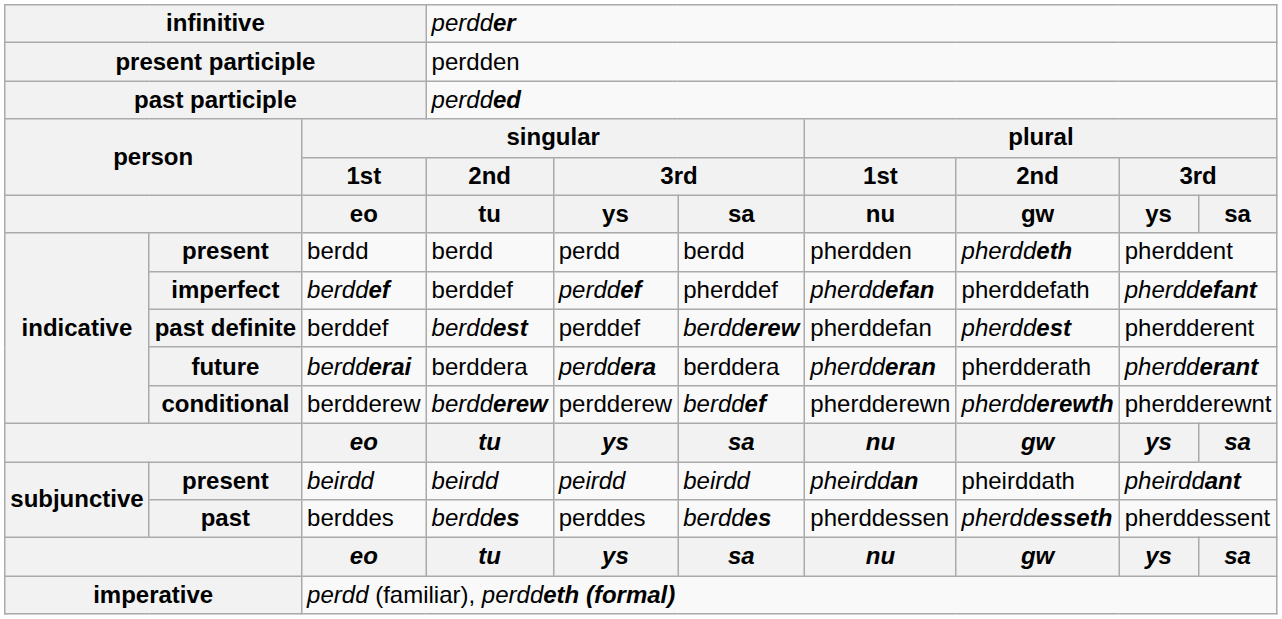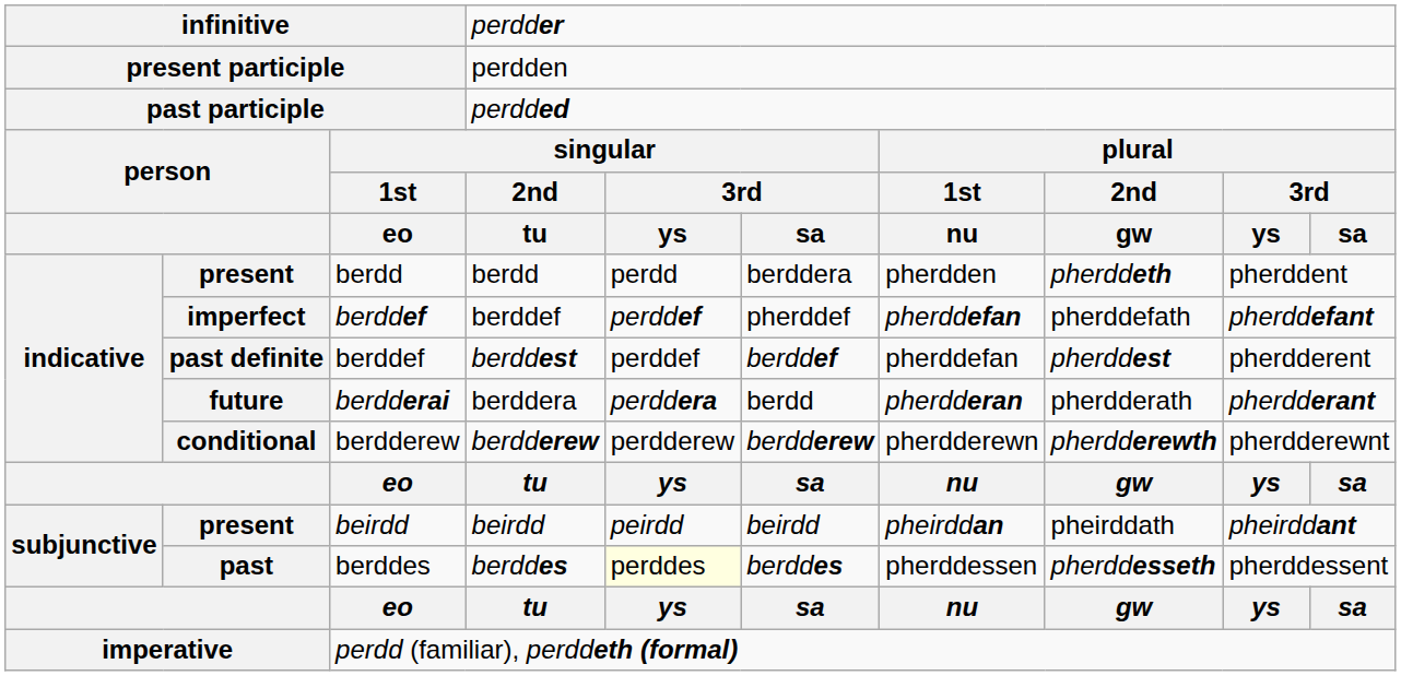 <table class="wikitable">
 <tr>
 <th colspan="3">infinitive</th>
 <td colspan="7"><em>perdd<strong>er<strong><em></td>
 </tr>
 <tr>
 <th colspan="3">present participle</th>
 <td colspan="7"></em>perdd</strong>en</em></strong></td>
 </tr>
 <tr>
 <th colspan="3">past participle</th>
 <td colspan="7"><em>perdd<strong>ed<strong><em></td>
 </tr>
 <tr>
 <th colspan="2" rowspan="2">person</th>
 <th colspan="4">singular</th>
 <th colspan="4">plural</th>
 </tr>
 <tr>
 <th>1st</th>
 <th>2nd</th>
 <th colspan="2">3rd</th>
 <th>1st</th>
 <th>2nd</th>
 <th colspan="2">3rd</th>
 </tr>
 <tr>
 <th colspan="2"></th>
 <th></em>eo<em></th>
 <th></em>tu<em></th>
 <th></em>ys<em></th>
 <th></em>sa<em></th>
 <th></em>nu<em></th>
 <th></em>gw<em></th>
 <th></em>ys<em></th>
 <th></em>sa<em></th>
 </tr>
 <tr>
 <th rowspan="5">indicative</th>
 <th>present</th>
 <td></em>berdd<em></td>
 <td></em>berdd<em></td>
 <td></em>perdd<em></td>
-<td></em>berdd<em></td>
+<td></em>berdd</strong>era</em></strong></td>
 <td></em>pherdd</strong>en</em></strong></td>
 <td><em>pherdd<strong>eth<strong><em></td>
 <td colspan="2"></em>pherdd</strong>ent</em></strong></td>
 </tr>
 <tr>
 <th>imperfect</th>
 <td><em>berdd<strong>ef<strong><em></td>
 <td></em>berdd</strong>ef</em></strong></td>
 <td><em>perdd<strong>ef<strong><em></td>
 <td></em>pherdd</strong>ef</em></strong></td>
 <td><em>pherdd<strong>efan<strong><em></td>
 <td></em>pherdd</strong>efath</em></strong></td>
 <td colspan="2"><em>pherdd<strong>efant<strong><em></td>
 </tr>
 <tr>
 <th>past definite</th>
 <td></em>berdd</strong>ef</em></strong></td>
 <td><em>berdd<strong>est<strong><em></td>
 <td></em>perdd</strong>ef</em></strong></td>
-<td><em>berdd<strong>erew<strong><em></td>
+<td><em>berdd<strong>ef<strong><em></td>
 <td></em>pherdd</strong>efan</em></strong></td>
 <td><em>pherdd<strong>est<strong><em></td>
 <td colspan="2"></em>pherdd</strong>erent</em></strong></td>
 </tr>
 <tr>
 <th>future</th>
 <td><em>berdd<strong>erai<strong><em></td>
 <td></em>berdd</strong>era</em></strong></td>
 <td><em>perdd<strong>era<strong><em></td>
-<td></em>berdd</strong>era</em></strong></td>
+<td></em>berdd<em></td>
 <td><em>pherdd<strong>eran<strong><em></td>
 <td></em>pherdd</strong>erath</em></strong></td>
 <td colspan="2"><em>pherdd<strong>erant<strong><em></td>
 </tr>
 <tr>
 <th>conditional</th>
 <td></em>berdd</strong>erew</em></strong></td>
 <td><em>berdd<strong>erew<strong><em></td>
 <td></em>perdd</strong>erew</em></strong></td>
-<td><em>berdd<strong>ef<strong><em></td>
+<td><em>berdd<strong>erew<strong><em></td>
 <td></em>pherdd</strong>erewn</em></strong></td>
 <td><em>pherdd<strong>erewth<strong><em></td>
 <td colspan="2"></em>pherdd</strong>erewnt</em></strong></td>
 </tr>
 <tr>
 <th colspan="2"></th>
 <th><em>eo</em></th>
 <th><em>tu</em></th>
 <th><em>ys</em></th>
 <th><em>sa</em></th>
 <th><em>nu</em></th>
 <th><em>gw</em></th>
 <th><em>ys</em></th>
 <th><em>sa</em></th>
 </tr>
 <tr>
 <th rowspan="2">subjunctive</th>
 <th>present</th>
 <td><em>beirdd</em></td>
 <td><em>beirdd</em></td>
 <td><em>peirdd</em></td>
 <td><em>beirdd</em></td>
 <td><em>pheirdd<strong>an<strong><em></td>
 <td></em>pheirdd</strong>ath</em></strong></td>
 <td colspan="2"><em>pheirdd<strong>ant<strong><em></td>
 </tr>
 <tr>
 <th>past</th>
 <td></em>berdd</strong>es</em></strong></td>
 <td><em>berdd<strong>es<strong><em></td>
-<td></em>perdd</strong>es</em></strong></td>
+<td style="background: lightyellow;"></em>perdd</strong>es</em></strong></td>
 <td><em>berdd<strong>es<strong><em></td>
 <td></em>pherdd</strong>essen</em></strong></td>
 <td><em>pherdd<strong>esseth<strong><em></td>
 <td colspan="2"></em>pherdd</strong>essent</em></strong></td>
 </tr>
 <tr>
 <th colspan="2"></th>
 <th><em>eo</em></th>
 <th><em>tu</em></th>
 <th><em>ys</em></th>
 <th><em>sa</em></th>
 <th><em>nu</em></th>
 <th><em>gw</em></th>
 <th><em>ys</em></th>
 <th><em>sa</em></th>
 </tr>
 <tr>
 <th colspan="2">imperative</th>
 <td colspan="8"><em>perdd</em> (familiar), <em>perdd<strong>eth<strong><em> (formal)</td>
 </tr>
 </table>
